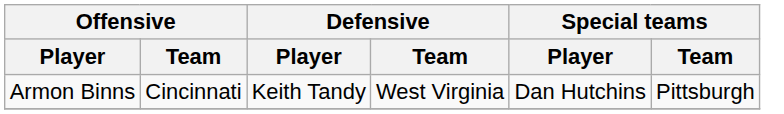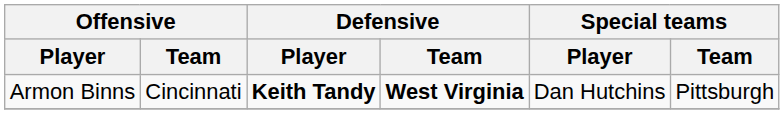 <table class="wikitable" border="1">
 <tr>
 <th colspan="2">Offensive</th>
 <th colspan="2">Defensive</th>
 <th colspan="2">Special teams</th>
 </tr>
 <tr>
 <th>Player</th>
 <th>Team</th>
 <th>Player</th>
 <th>Team</th>
 <th>Player</th>
 <th>Team</th>
 </tr>
 <tr>
 <td>Armon Binns</td>
 <td>Cincinnati</td>
-<td>Keith Tandy</td>
-<td>West Virginia</td>
+<td><strong>Keith Tandy</strong></td>
+<td><strong>West Virginia</strong></td>
 <td>Dan Hutchins</td>
 <td>Pittsburgh</td>
 </tr>
 <tr>
 </tr>
 </table>
